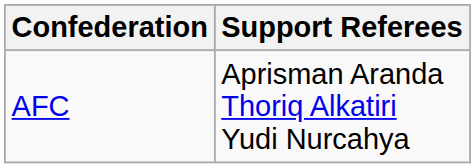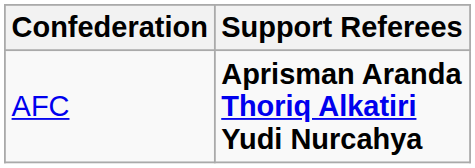 <table class="wikitable">
 <tr>
 <th>Confederation</th>
 <th>Support Referees</th>
 </tr>
 <tr>
 <td><a href='#'>AFC</a></td>
-<td> Aprisman Aranda<br>  <a href='#'>Thoriq Alkatiri</a><br>  Yudi Nurcahya</td>
+<td><strong> Aprisman Aranda<br>  <a href='#'>Thoriq Alkatiri</a><br>  Yudi Nurcahya</strong></td>
 </tr>
 </table>
